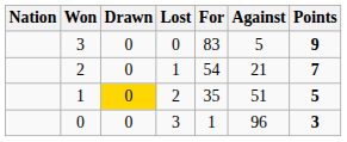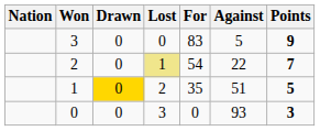 <table class="wikitable" style="text-align: center;">
 <tr>
 <th>Nation</th>
 <th>Won</th>
 <th>Drawn</th>
 <th>Lost</th>
 <th>For</th>
 <th>Against</th>
 <th>Points</th>
 </tr>
 <tr>
 <td align="left"></td>
 <td>3</td>
 <td>0</td>
 <td>0</td>
 <td>83</td>
 <td>5</td>
 <td><strong>9</strong></td>
 </tr>
 <tr>
 <td align="left"></td>
 <td>2</td>
 <td>0</td>
-<td>1</td>
+<td style="background: khaki;">1</td>
 <td>54</td>
-<td>21</td>
+<td>22</td>
 <td><strong>7</strong></td>
 </tr>
 <tr>
 <td align="left"></td>
 <td>1</td>
 <td style="background: gold;">0</td>
 <td>2</td>
 <td>35</td>
 <td>51</td>
 <td><strong>5</strong></td>
 </tr>
 <tr>
 <td align="left"></td>
 <td>0</td>
 <td>0</td>
 <td>3</td>
-<td>1</td>
-<td>96</td>
+<td>0</td>
+<td>93</td>
 <td><strong>3</strong></td>
 </tr>
 </table>
